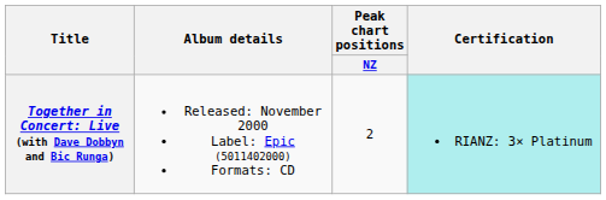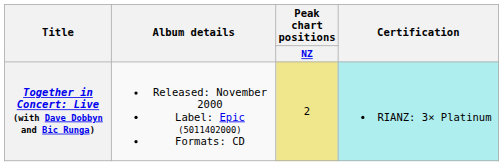 <table class="wikitable plainrowheaders" style="text-align:center;">
 <tr>
 <th scope="col" rowspan="2" style="width:12em;">Title</th>
 <th scope="col" rowspan="2" style="width:18em;">Album details</th>
 <th scope="col" colspan="1">Peak chart positions</th>
 <th scope="col" rowspan="2" style="width:18em;">Certification</th>
 </tr>
 <tr>
 <th scope="col" style="width:3em;font-size:90%;"><a href='#'>NZ</a><br></th>
 </tr>
 <tr>
 <th scope="row"><em><a href='#'>Together in Concert: Live</a></em><br><small>(with <a href='#'>Dave Dobbyn</a> and <a href='#'>Bic Runga</a>)</small></th>
 <td><br><ul><li>Released: November 2000</li><li>Label: <a href='#'>Epic</a> <small>(5011402000)</small></li><li>Formats: CD</li></ul></td>
-<td>2</td>
+<td style="background: khaki;">2</td>
 <td style="background: paleturquoise;"><br><ul><li>RIANZ: 3× Platinum</li></ul></td>
 </tr>
 </table>
